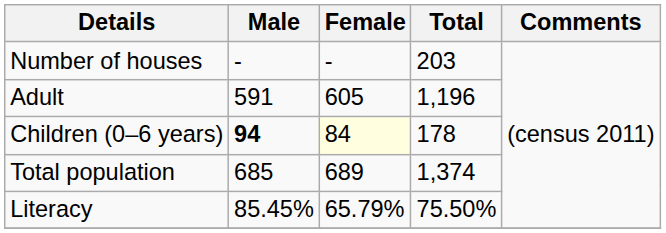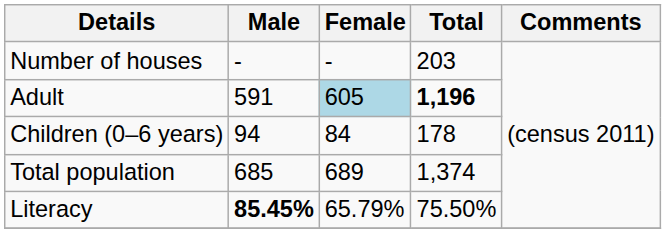 <table class="wikitable sortable">
 <tr>
 <th>Details</th>
 <th>Male</th>
 <th>Female</th>
 <th>Total</th>
 <th>Comments</th>
 </tr>
 <tr>
 <td>Number of houses</td>
 <td>-</td>
 <td>-</td>
 <td>203</td>
 <td rowspan="5">(census 2011) </td>
 </tr>
 <tr>
 <td>Adult</td>
 <td>591</td>
-<td>605</td>
-<td>1,196</td>
+<td style="background: lightblue;">605</td>
+<td><strong>1,196</strong></td>
 </tr>
 <tr>
 <td>Children (0–6 years)</td>
-<td><strong>94</strong></td>
-<td style="background: lightyellow;">84</td>
+<td>94</td>
+<td>84</td>
 <td>178</td>
 </tr>
 <tr>
 <td>Total population</td>
 <td>685</td>
 <td>689</td>
 <td>1,374</td>
 </tr>
 <tr>
 <td>Literacy</td>
-<td>85.45%</td>
+<td><strong>85.45%</strong></td>
 <td>65.79%</td>
 <td>75.50%</td>
 </tr>
 <tr>
 </tr>
 </table>
